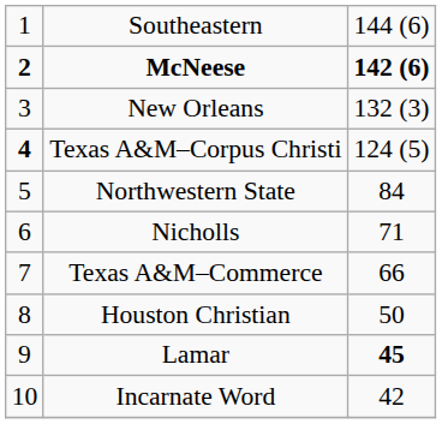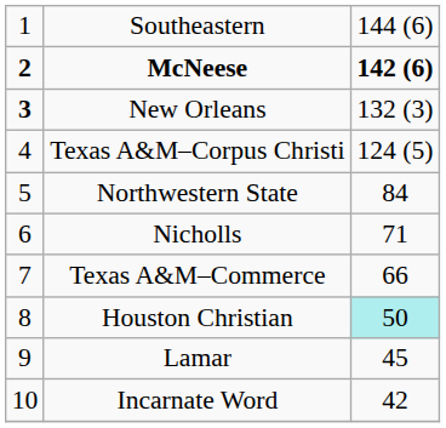 <table class="wikitable">
 <tr align="center">
 <td>1</td>
 <td>Southeastern</td>
 <td>144 (6)</td>
 </tr>
 <tr align="center">
 <td><strong>2</strong></td>
 <td><strong>McNeese</strong></td>
 <td><strong>142 (6)</strong></td>
 </tr>
 <tr align="center">
-<td>3</td>
+<td><strong>3</strong></td>
 <td>New Orleans</td>
 <td>132 (3)</td>
 </tr>
 <tr align="center">
-<td><strong>4</strong></td>
+<td>4</td>
 <td>Texas A&M–Corpus Christi</td>
 <td>124 (5)</td>
 </tr>
 <tr align="center">
 <td>5</td>
 <td>Northwestern State</td>
 <td>84</td>
 </tr>
 <tr align="center">
 <td>6</td>
 <td>Nicholls</td>
 <td>71</td>
 </tr>
 <tr align="center">
 <td>7</td>
 <td>Texas A&M–Commerce</td>
 <td>66</td>
 </tr>
 <tr align="center">
 <td>8</td>
 <td>Houston Christian</td>
-<td>50</td>
+<td style="background: paleturquoise;">50</td>
 </tr>
 <tr align="center">
 <td>9</td>
 <td>Lamar</td>
-<td><strong>45</strong></td>
+<td>45</td>
 </tr>
 <tr align="center">
 <td>10</td>
 <td>Incarnate Word</td>
 <td>42</td>
 </tr>
 <tr align="center">
 </tr>
 </table>
